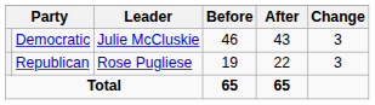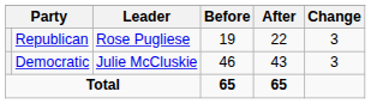 <table class="wikitable" style="text-align:center;">
 <tr>
 </tr>
 <tr>
 <th colspan="2">Party</th>
 <th>Leader</th>
 <th style="width:3em">Before</th>
 <th style="width:3em">After</th>
 <th style="width:3em">Change</th>
 </tr>
 <tr>
 <th style="background-color:"></th>
+<td style="text-align:left;"><a href='#'>Republican</a></td>
+<td style="text-align:left;"><a href='#'>Rose Pugliese</a></td>
+<td>19</td>
+<td>22</td>
+<td> 3</td>
+</tr>
+<tr>
+<th style="background-color:"></th>
 <td style="text-align:left;"><a href='#'>Democratic</a></td>
 <td style="text-align:left;"><a href='#'>Julie McCluskie</a></td>
 <td>46</td>
 <td>43</td>
-<td> 3</td>
-</tr>
-<tr>
-<th style="background-color:"></th>
-<td style="text-align:left;"><a href='#'>Republican</a></td>
-<td style="text-align:left;"><a href='#'>Rose Pugliese</a></td>
-<td>19</td>
-<td>22</td>
 <td> 3</td>
 </tr>
 <tr>
 <td colspan="3"><strong>Total</strong></td>
 <td><strong>65</strong></td>
 <td><strong>65</strong></td>
 <td></td>
 </tr>
 </table>
